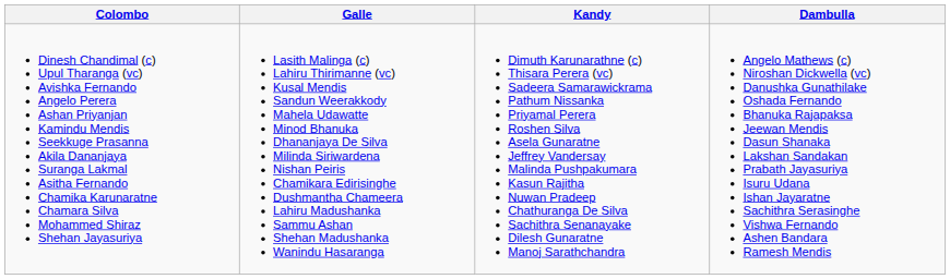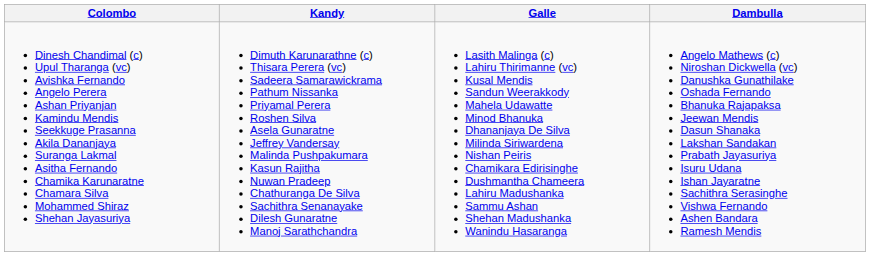 <table class="wikitable">
 <tr>
 <th width=300><a href='#'>Colombo</a></th>
+<th width=300><a href='#'>Kandy</a></th>
 <th width=300><a href='#'>Galle</a></th>
-<th width=300><a href='#'>Kandy</a></th>
 <th width=300><a href='#'>Dambulla</a></th>
 </tr>
 <tr>
 <td valign=top><br><ul><li><a href='#'>Dinesh Chandimal</a> (<a href='#'>c</a>)</li><li><a href='#'>Upul Tharanga</a> (<a href='#'>vc</a>)</li><li><a href='#'>Avishka Fernando</a></li><li><a href='#'>Angelo Perera</a></li><li><a href='#'>Ashan Priyanjan</a></li><li><a href='#'>Kamindu Mendis</a></li><li><a href='#'>Seekkuge Prasanna</a></li><li><a href='#'>Akila Dananjaya</a></li><li><a href='#'>Suranga Lakmal</a></li><li><a href='#'>Asitha Fernando</a></li><li><a href='#'>Chamika Karunaratne</a></li><li><a href='#'>Chamara Silva</a></li><li><a href='#'>Mohammed Shiraz</a></li><li><a href='#'>Shehan Jayasuriya</a></li></ul></td>
+<td valign=top><br><ul><li><a href='#'>Dimuth Karunarathne</a> (<a href='#'>c</a>)</li><li><a href='#'>Thisara Perera</a> (<a href='#'>vc</a>)</li><li><a href='#'>Sadeera Samarawickrama</a></li><li><a href='#'>Pathum Nissanka</a></li><li><a href='#'>Priyamal Perera</a></li><li><a href='#'>Roshen Silva</a></li><li><a href='#'>Asela Gunaratne</a></li><li><a href='#'>Jeffrey Vandersay</a></li><li><a href='#'>Malinda Pushpakumara</a></li><li><a href='#'>Kasun Rajitha</a></li><li><a href='#'>Nuwan Pradeep</a></li><li><a href='#'>Chathuranga De Silva</a></li><li><a href='#'>Sachithra Senanayake</a></li><li><a href='#'>Dilesh Gunaratne</a></li><li><a href='#'>Manoj Sarathchandra</a></li></ul></td>
 <td valign=top><br><ul><li><a href='#'>Lasith Malinga</a> (<a href='#'>c</a>)</li><li><a href='#'>Lahiru Thirimanne</a> (<a href='#'>vc</a>)</li><li><a href='#'>Kusal Mendis</a></li><li><a href='#'>Sandun Weerakkody</a></li><li><a href='#'>Mahela Udawatte</a></li><li><a href='#'>Minod Bhanuka</a></li><li><a href='#'>Dhananjaya De Silva</a></li><li><a href='#'>Milinda Siriwardena</a></li><li><a href='#'>Nishan Peiris</a></li><li><a href='#'>Chamikara Edirisinghe</a></li><li><a href='#'>Dushmantha Chameera</a></li><li><a href='#'>Lahiru Madushanka</a></li><li><a href='#'>Sammu Ashan</a></li><li><a href='#'>Shehan Madushanka</a></li><li><a href='#'>Wanindu Hasaranga</a></li></ul></td>
-<td valign=top><br><ul><li><a href='#'>Dimuth Karunarathne</a> (<a href='#'>c</a>)</li><li><a href='#'>Thisara Perera</a> (<a href='#'>vc</a>)</li><li><a href='#'>Sadeera Samarawickrama</a></li><li><a href='#'>Pathum Nissanka</a></li><li><a href='#'>Priyamal Perera</a></li><li><a href='#'>Roshen Silva</a></li><li><a href='#'>Asela Gunaratne</a></li><li><a href='#'>Jeffrey Vandersay</a></li><li><a href='#'>Malinda Pushpakumara</a></li><li><a href='#'>Kasun Rajitha</a></li><li><a href='#'>Nuwan Pradeep</a></li><li><a href='#'>Chathuranga De Silva</a></li><li><a href='#'>Sachithra Senanayake</a></li><li><a href='#'>Dilesh Gunaratne</a></li><li><a href='#'>Manoj Sarathchandra</a></li></ul></td>
 <td valign=top><br><ul><li><a href='#'>Angelo Mathews</a> (<a href='#'>c</a>)</li><li><a href='#'>Niroshan Dickwella</a> (<a href='#'>vc</a>)</li><li><a href='#'>Danushka Gunathilake</a></li><li><a href='#'>Oshada Fernando</a></li><li><a href='#'>Bhanuka Rajapaksa</a></li><li><a href='#'>Jeewan Mendis</a></li><li><a href='#'>Dasun Shanaka</a></li><li><a href='#'>Lakshan Sandakan</a></li><li><a href='#'>Prabath Jayasuriya</a></li><li><a href='#'>Isuru Udana</a></li><li><a href='#'>Ishan Jayaratne</a></li><li><a href='#'>Sachithra Serasinghe</a></li><li><a href='#'>Vishwa Fernando</a></li><li><a href='#'>Ashen Bandara</a></li><li><a href='#'>Ramesh Mendis</a></li></ul></td>
 </tr>
 </table>
